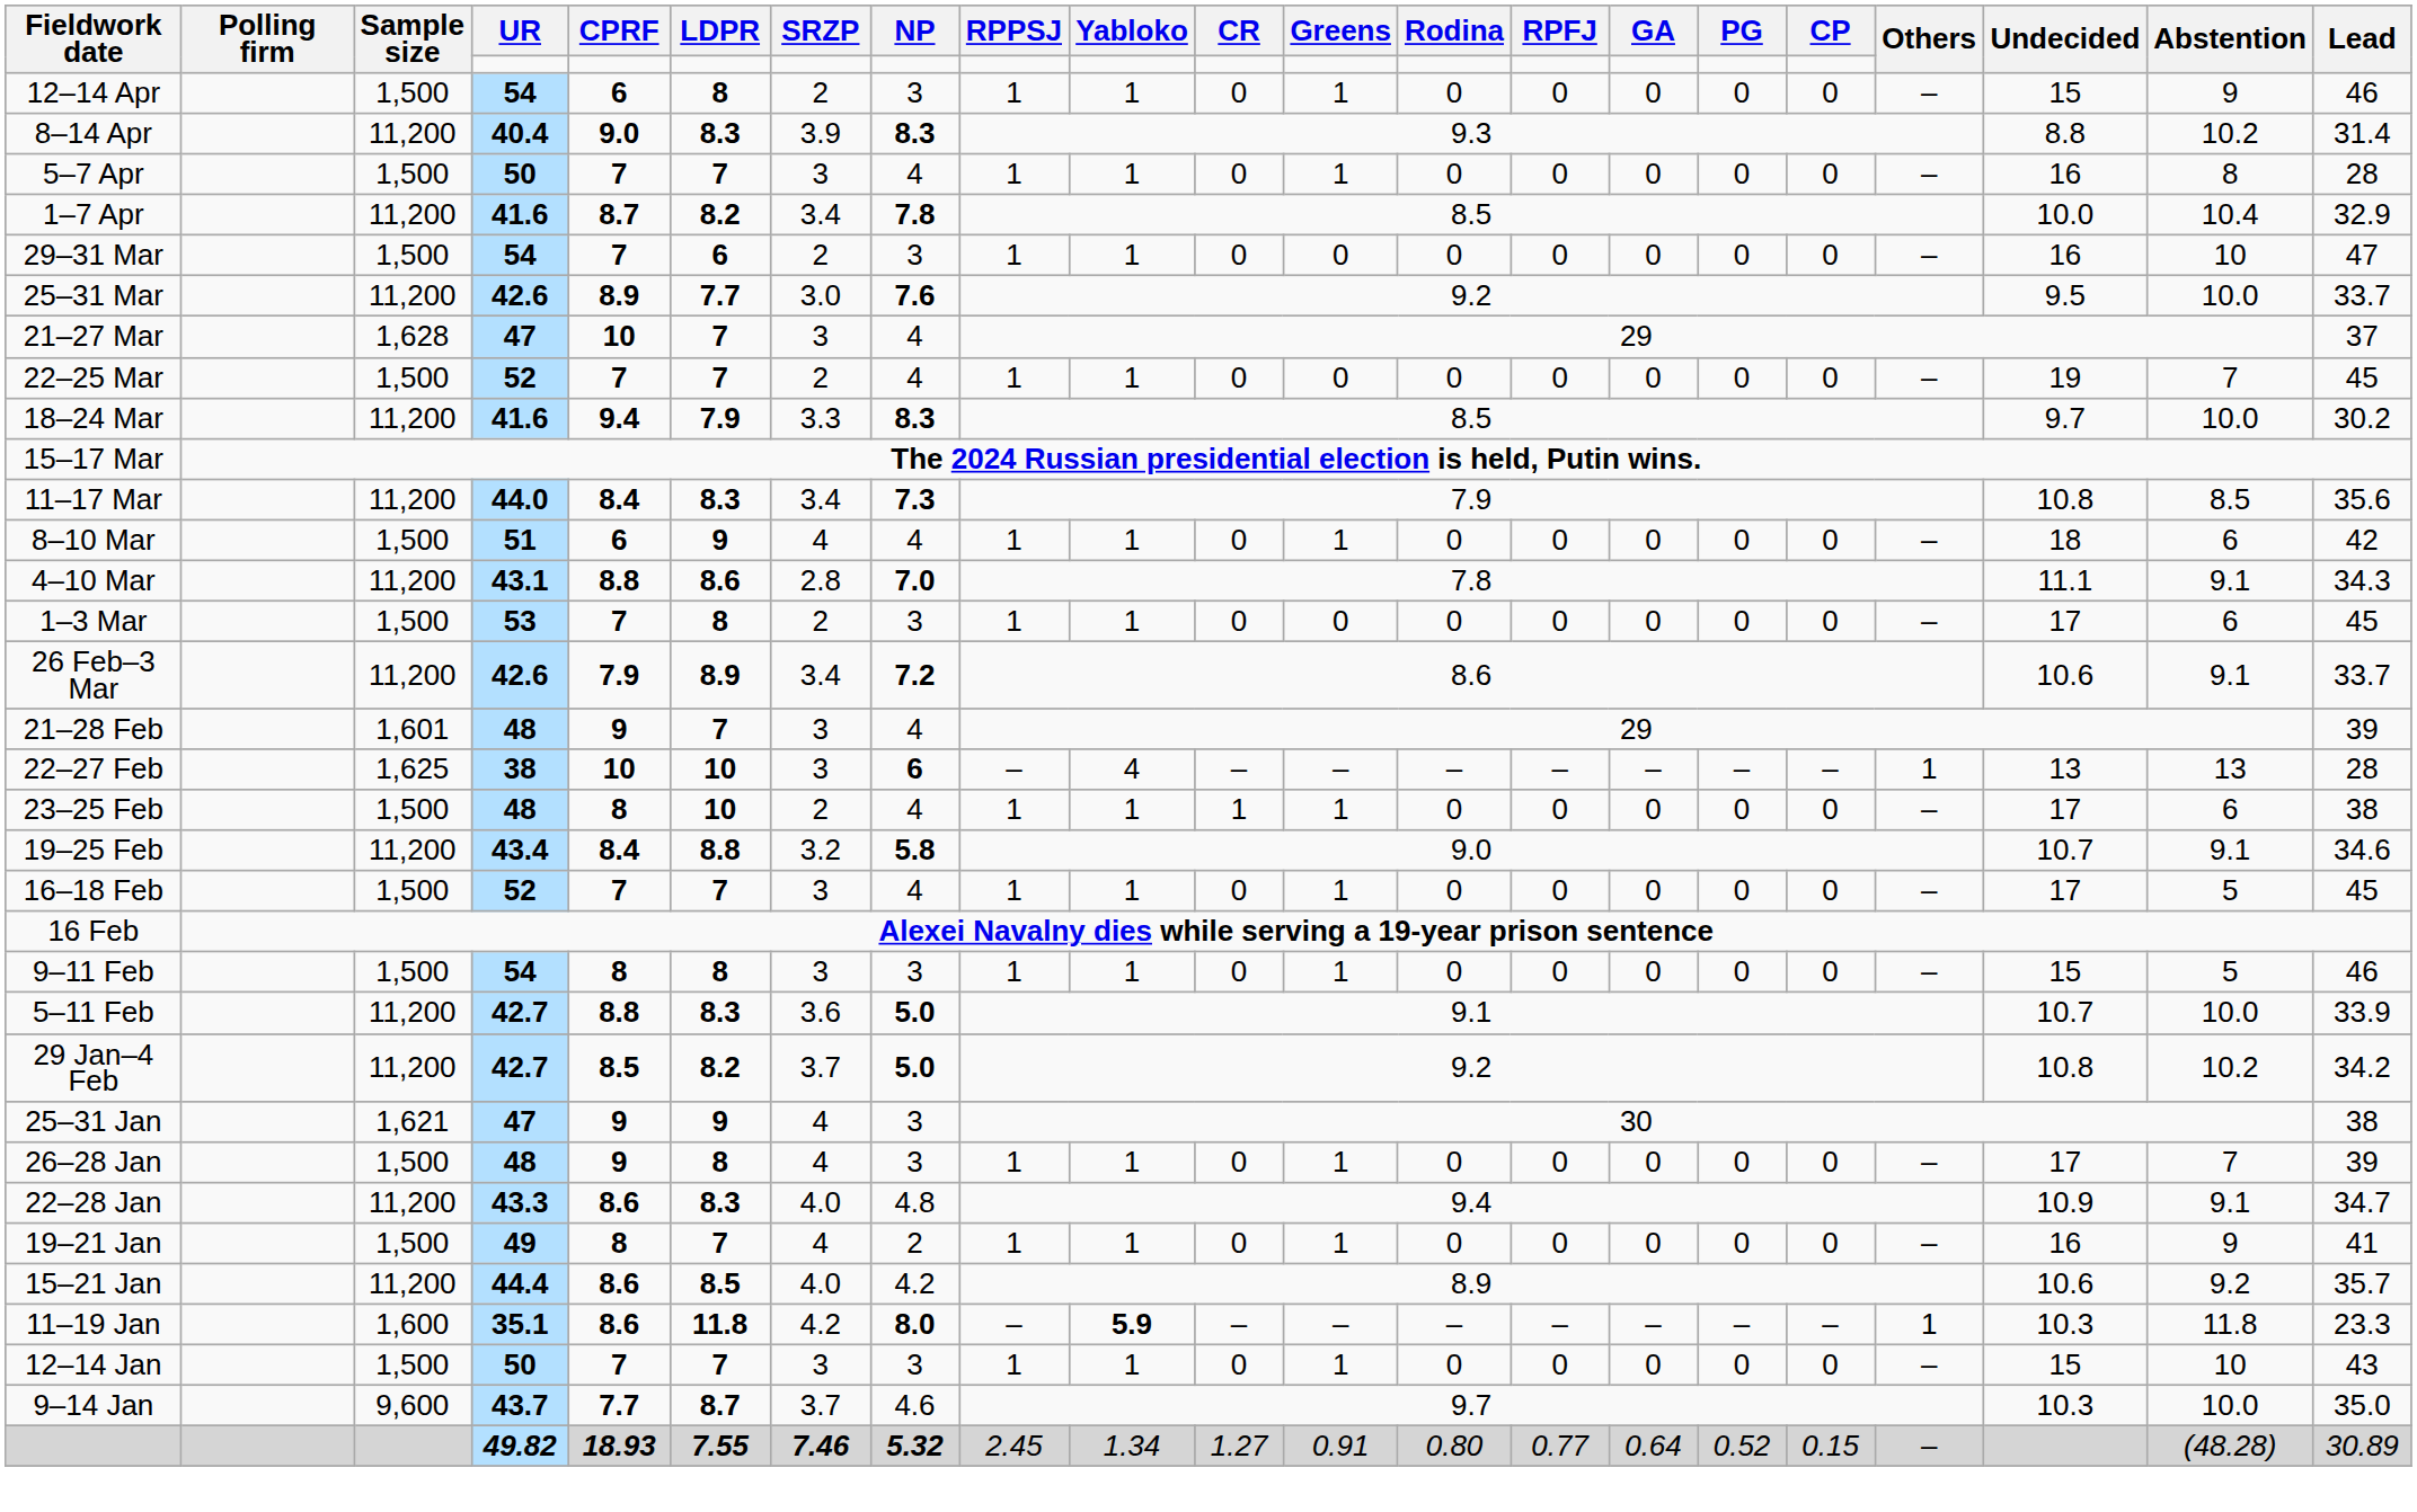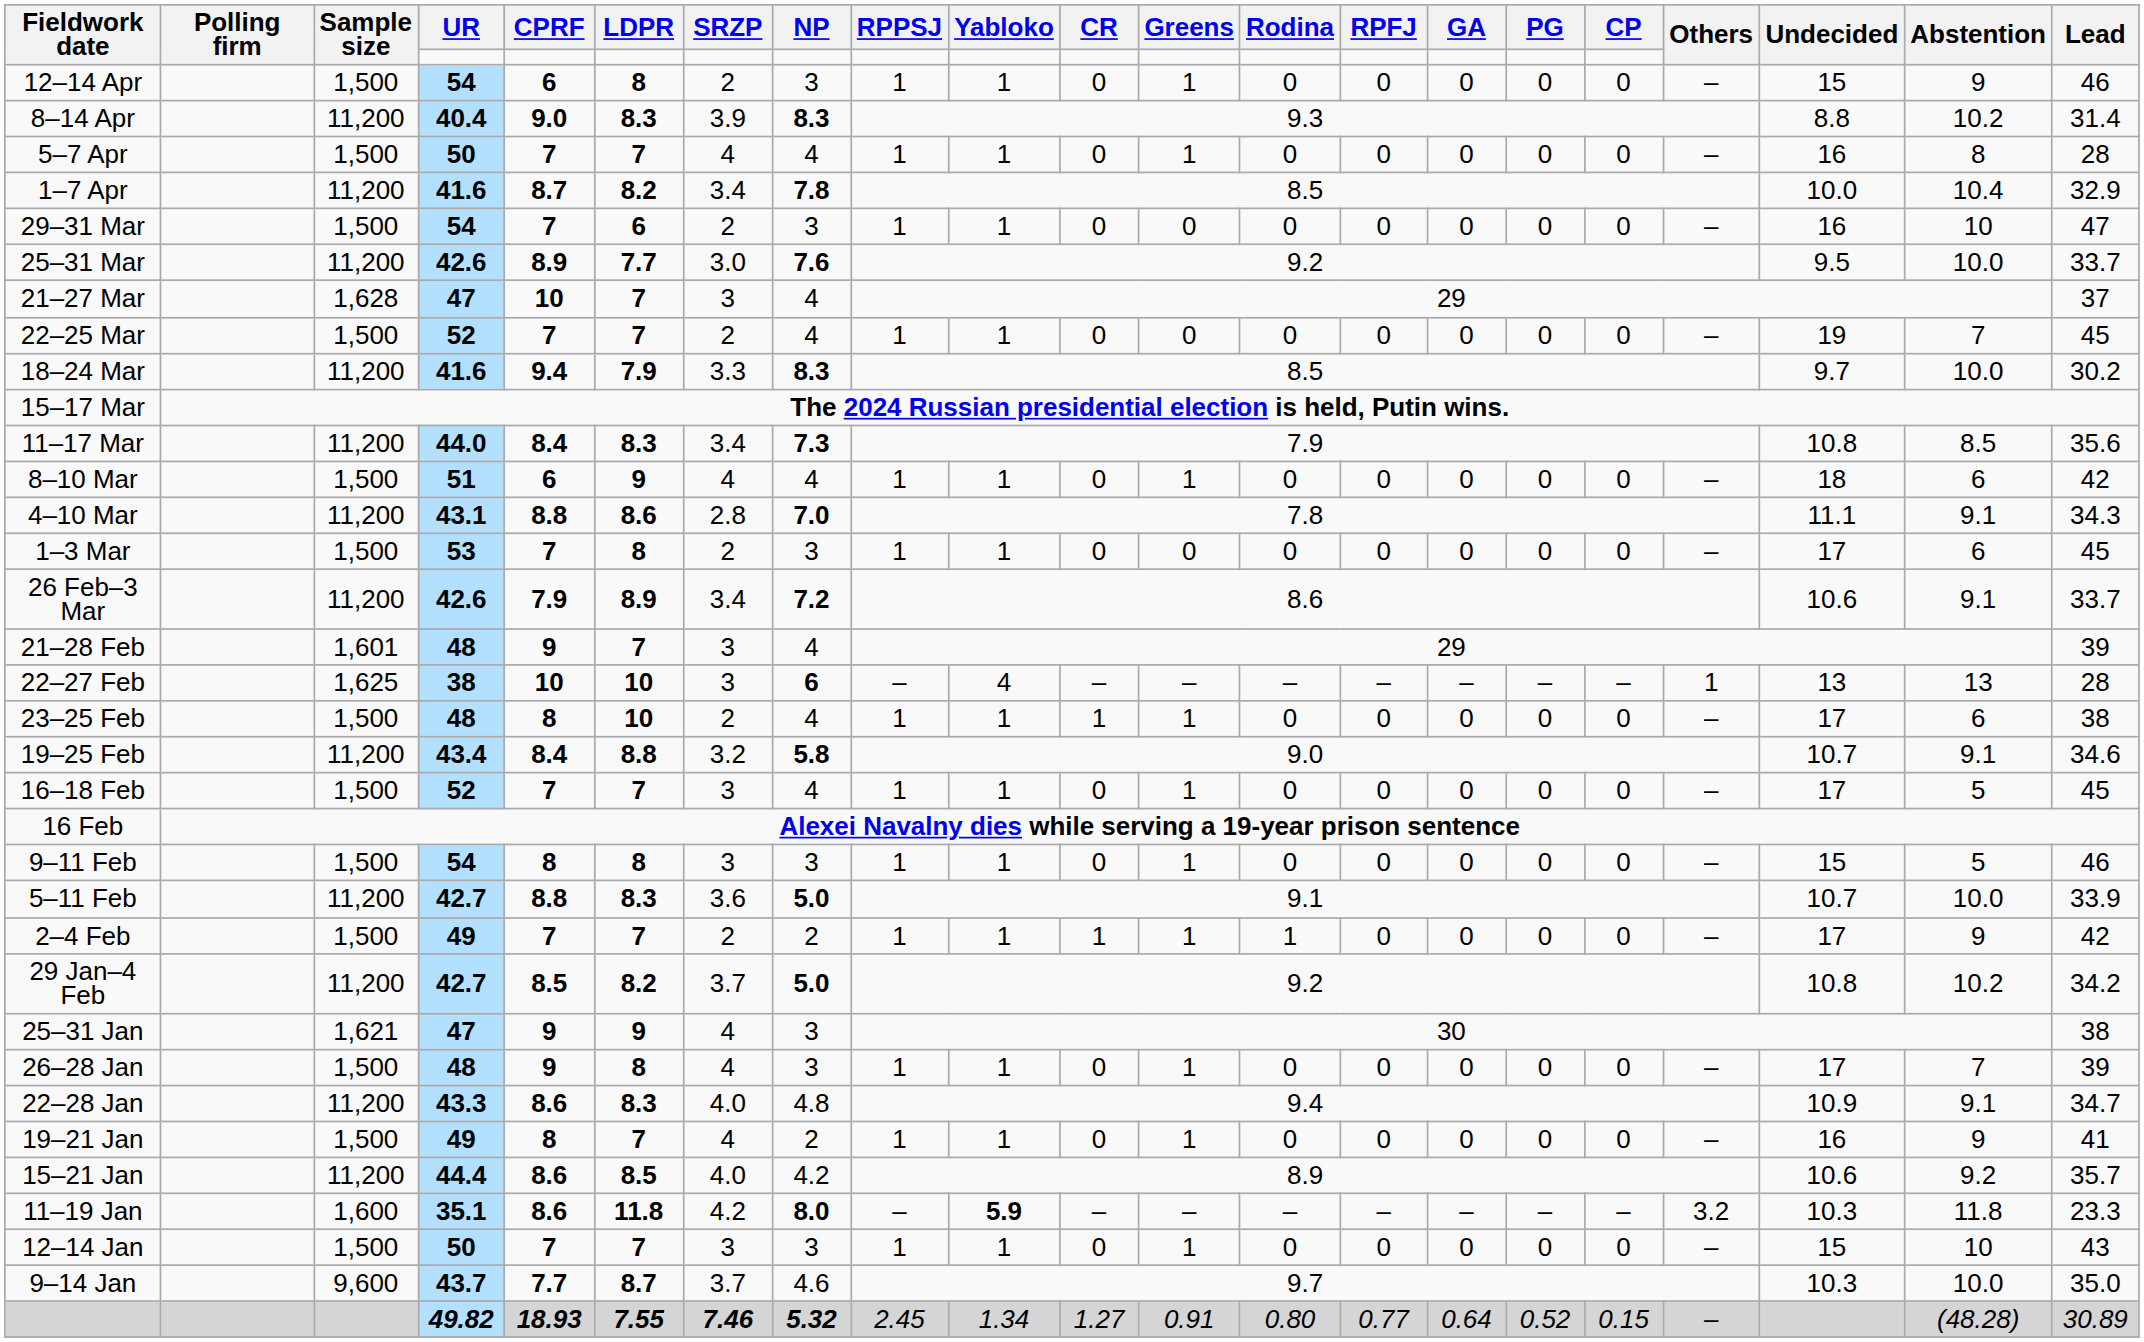 <table class=wikitable style="font-size:95%; line-height:14px; text-align:center">
 <tr>
 <th style=width:100px; rowspan=2>Fieldwork date</th>
 <th style=width:120px; rowspan=2>Polling firm</th>
 <th style=width:50px; rowspan=2>Sample<br>size</th>
 <th style="width:50px;"><a href='#'>UR</a></th>
 <th style="width:50px;"><a href='#'>CPRF</a></th>
 <th style="width:50px;"><a href='#'>LDPR</a></th>
 <th style="width:50px;"><a href='#'>SRZP</a></th>
 <th style="width:50px;"><a href='#'>NP</a></th>
 <th style="width:50px;"><a href='#'>RPPSJ</a></th>
 <th style="width:50px;"><a href='#'>Yabloko</a></th>
 <th style="width:50px;"><a href='#'>CR</a></th>
 <th style="width:50px;"><a href='#'>Greens</a></th>
 <th style="width:50px;"><a href='#'>Rodina</a></th>
 <th style="width:50px;"><a href='#'>RPFJ</a></th>
 <th style="width:50px;"><a href='#'>GA</a></th>
 <th style="width:50px;"><a href='#'>PG</a></th>
 <th style="width:50px;"><a href='#'>CP</a></th>
 <th style="width:50px;" rowspan=2>Others</th>
 <th style="width:50px;" rowspan=2>Undecided</th>
 <th style="width:50px;" rowspan=2>Abstention</th>
 <th style="width:50px;" rowspan="2">Lead</th>
 </tr>
 <tr>
 <td bgcolor=></td>
 <td bgcolor=></td>
 <td bgcolor=></td>
 <td bgcolor=></td>
 <td bgcolor=></td>
 <td bgcolor=></td>
 <td bgcolor=></td>
 <td bgcolor=></td>
 <td bgcolor=></td>
 <td bgcolor=></td>
 <td bgcolor=></td>
 <td bgcolor=></td>
 <td bgcolor=></td>
 <td bgcolor=></td>
 </tr>
 <tr>
 <td>12–14 Apr</td>
 <td></td>
 <td>1,500</td>
 <td style="background:#B3E0FF"><strong>54</strong></td>
 <td><strong>6</strong></td>
 <td><strong>8</strong></td>
 <td>2</td>
 <td>3</td>
 <td>1</td>
 <td>1</td>
 <td>0</td>
 <td>1</td>
 <td>0</td>
 <td>0</td>
 <td>0</td>
 <td>0</td>
 <td>0</td>
 <td>–</td>
 <td>15</td>
 <td>9</td>
 <td style="background:">46</td>
 </tr>
 <tr>
 <td>8–14 Apr</td>
 <td></td>
 <td>11,200</td>
 <td style="background:#B3E0FF"><strong>40.4</strong></td>
 <td><strong>9.0</strong></td>
 <td><strong>8.3</strong></td>
 <td>3.9</td>
 <td><strong>8.3</strong></td>
 <td colspan=10>9.3</td>
 <td>8.8</td>
 <td>10.2</td>
 <td style="background:">31.4</td>
 </tr>
 <tr>
 <td>5–7 Apr</td>
 <td></td>
 <td>1,500</td>
 <td style="background:#B3E0FF"><strong>50</strong></td>
 <td><strong>7</strong></td>
 <td><strong>7</strong></td>
-<td>3</td>
+<td>4</td>
 <td>4</td>
 <td>1</td>
 <td>1</td>
 <td>0</td>
 <td>1</td>
 <td>0</td>
 <td>0</td>
 <td>0</td>
 <td>0</td>
 <td>0</td>
 <td>–</td>
 <td>16</td>
 <td>8</td>
 <td style="background:">28</td>
 </tr>
 <tr>
 <td>1–7 Apr</td>
 <td></td>
 <td>11,200</td>
 <td style="background:#B3E0FF"><strong>41.6</strong></td>
 <td><strong>8.7</strong></td>
 <td><strong>8.2</strong></td>
 <td>3.4</td>
 <td><strong>7.8</strong></td>
 <td colspan=10>8.5</td>
 <td>10.0</td>
 <td>10.4</td>
 <td style="background:">32.9</td>
 </tr>
 <tr>
 <td>29–31 Mar</td>
 <td></td>
 <td>1,500</td>
 <td style="background:#B3E0FF"><strong>54</strong></td>
 <td><strong>7</strong></td>
 <td><strong>6</strong></td>
 <td>2</td>
 <td>3</td>
 <td>1</td>
 <td>1</td>
 <td>0</td>
 <td>0</td>
 <td>0</td>
 <td>0</td>
 <td>0</td>
 <td>0</td>
 <td>0</td>
 <td>–</td>
 <td>16</td>
 <td>10</td>
 <td style="background:">47</td>
 </tr>
 <tr>
 <td>25–31 Mar</td>
 <td></td>
 <td>11,200</td>
 <td style="background:#B3E0FF"><strong>42.6</strong></td>
 <td><strong>8.9</strong></td>
 <td><strong>7.7</strong></td>
 <td>3.0</td>
 <td><strong>7.6</strong></td>
 <td colspan=10>9.2</td>
 <td>9.5</td>
 <td>10.0</td>
 <td style="background:">33.7</td>
 </tr>
 <tr>
 <td>21–27 Mar</td>
 <td></td>
 <td>1,628</td>
 <td style="background:#B3E0FF"><strong>47</strong></td>
 <td><strong>10</strong></td>
 <td><strong>7</strong></td>
 <td>3</td>
 <td>4</td>
 <td colspan=12>29</td>
 <td style="background:">37</td>
 </tr>
 <tr>
 <td>22–25 Mar</td>
 <td></td>
 <td>1,500</td>
 <td style="background:#B3E0FF"><strong>52</strong></td>
 <td><strong>7</strong></td>
 <td><strong>7</strong></td>
 <td>2</td>
 <td>4</td>
 <td>1</td>
 <td>1</td>
 <td>0</td>
 <td>0</td>
 <td>0</td>
 <td>0</td>
 <td>0</td>
 <td>0</td>
 <td>0</td>
 <td>–</td>
 <td>19</td>
 <td>7</td>
 <td style="background:">45</td>
 </tr>
 <tr>
 <td>18–24 Mar</td>
 <td></td>
 <td>11,200</td>
 <td style="background:#B3E0FF"><strong>41.6</strong></td>
 <td><strong>9.4</strong></td>
 <td><strong>7.9</strong></td>
 <td>3.3</td>
 <td><strong>8.3</strong></td>
 <td colspan=10>8.5</td>
 <td>9.7</td>
 <td>10.0</td>
 <td style="background:">30.2</td>
 </tr>
 <tr>
 <td>15–17 Mar</td>
 <td colspan=20><strong>The <a href='#'>2024 Russian presidential election</a> is held, Putin wins.</strong></td>
 </tr>
 <tr>
 <td>11–17 Mar</td>
 <td></td>
 <td>11,200</td>
 <td style="background:#B3E0FF"><strong>44.0</strong></td>
 <td><strong>8.4</strong></td>
 <td><strong>8.3</strong></td>
 <td>3.4</td>
 <td><strong>7.3</strong></td>
 <td colspan=10>7.9</td>
 <td>10.8</td>
 <td>8.5</td>
 <td style="background:">35.6</td>
 </tr>
 <tr>
 <td>8–10 Mar</td>
 <td></td>
 <td>1,500</td>
 <td style="background:#B3E0FF"><strong>51</strong></td>
 <td><strong>6</strong></td>
 <td><strong>9</strong></td>
 <td>4</td>
 <td>4</td>
 <td>1</td>
 <td>1</td>
 <td>0</td>
 <td>1</td>
 <td>0</td>
 <td>0</td>
 <td>0</td>
 <td>0</td>
 <td>0</td>
 <td>–</td>
 <td>18</td>
 <td>6</td>
 <td style="background:">42</td>
 </tr>
 <tr>
 <td>4–10 Mar</td>
 <td></td>
 <td>11,200</td>
 <td style="background:#B3E0FF"><strong>43.1</strong></td>
 <td><strong>8.8</strong></td>
 <td><strong>8.6</strong></td>
 <td>2.8</td>
 <td><strong>7.0</strong></td>
 <td colspan=10>7.8</td>
 <td>11.1</td>
 <td>9.1</td>
 <td style="background:">34.3</td>
 </tr>
 <tr>
 <td>1–3 Mar</td>
 <td></td>
 <td>1,500</td>
 <td style="background:#B3E0FF"><strong>53</strong></td>
 <td><strong>7</strong></td>
 <td><strong>8</strong></td>
 <td>2</td>
 <td>3</td>
 <td>1</td>
 <td>1</td>
 <td>0</td>
 <td>0</td>
 <td>0</td>
 <td>0</td>
 <td>0</td>
 <td>0</td>
 <td>0</td>
 <td>–</td>
 <td>17</td>
 <td>6</td>
 <td style="background:">45</td>
 </tr>
 <tr>
 <td>26 Feb–3 Mar</td>
 <td></td>
 <td>11,200</td>
 <td style="background:#B3E0FF"><strong>42.6</strong></td>
 <td><strong>7.9</strong></td>
 <td><strong>8.9</strong></td>
 <td>3.4</td>
 <td><strong>7.2</strong></td>
 <td colspan=10>8.6</td>
 <td>10.6</td>
 <td>9.1</td>
 <td style="background:">33.7</td>
 </tr>
 <tr>
 <td>21–28 Feb</td>
 <td></td>
 <td>1,601</td>
 <td style="background:#B3E0FF"><strong>48</strong></td>
 <td><strong>9</strong></td>
 <td><strong>7</strong></td>
 <td>3</td>
 <td>4</td>
 <td colspan=12>29</td>
 <td style="background:">39</td>
 </tr>
 <tr>
 <td>22–27 Feb</td>
 <td></td>
 <td>1,625</td>
 <td style="background:#B3E0FF"><strong>38</strong></td>
 <td><strong>10</strong></td>
 <td><strong>10</strong></td>
 <td>3</td>
 <td><strong>6</strong></td>
 <td>–</td>
 <td>4</td>
 <td>–</td>
 <td>–</td>
 <td>–</td>
 <td>–</td>
 <td>–</td>
 <td>–</td>
 <td>–</td>
 <td>1</td>
 <td>13</td>
 <td>13</td>
 <td style="background:">28</td>
 </tr>
 <tr>
 <td>23–25 Feb</td>
 <td></td>
 <td>1,500</td>
 <td style="background:#B3E0FF"><strong>48</strong></td>
 <td><strong>8</strong></td>
 <td><strong>10</strong></td>
 <td>2</td>
 <td>4</td>
 <td>1</td>
 <td>1</td>
 <td>1</td>
 <td>1</td>
 <td>0</td>
 <td>0</td>
 <td>0</td>
 <td>0</td>
 <td>0</td>
 <td>–</td>
 <td>17</td>
 <td>6</td>
 <td style="background:">38</td>
 </tr>
 <tr>
 <td>19–25 Feb</td>
 <td></td>
 <td>11,200</td>
 <td style="background:#B3E0FF"><strong>43.4</strong></td>
 <td><strong>8.4</strong></td>
 <td><strong>8.8</strong></td>
 <td>3.2</td>
 <td><strong>5.8</strong></td>
 <td colspan=10>9.0</td>
 <td>10.7</td>
 <td>9.1</td>
 <td style="background:">34.6</td>
 </tr>
 <tr>
 <td>16–18 Feb</td>
 <td></td>
 <td>1,500</td>
 <td style="background:#B3E0FF"><strong>52</strong></td>
 <td><strong>7</strong></td>
 <td><strong>7</strong></td>
 <td>3</td>
 <td>4</td>
 <td>1</td>
 <td>1</td>
 <td>0</td>
 <td>1</td>
 <td>0</td>
 <td>0</td>
 <td>0</td>
 <td>0</td>
 <td>0</td>
 <td>–</td>
 <td>17</td>
 <td>5</td>
 <td style="background:">45</td>
 </tr>
 <tr>
 <td>16 Feb</td>
 <td colspan=20><strong><a href='#'>Alexei Navalny dies</a> while serving a 19-year prison sentence</strong></td>
 </tr>
 <tr>
 <td>9–11 Feb</td>
 <td></td>
 <td>1,500</td>
 <td style="background:#B3E0FF"><strong>54</strong></td>
 <td><strong>8</strong></td>
 <td><strong>8</strong></td>
 <td>3</td>
 <td>3</td>
 <td>1</td>
 <td>1</td>
 <td>0</td>
 <td>1</td>
 <td>0</td>
 <td>0</td>
 <td>0</td>
 <td>0</td>
 <td>0</td>
 <td>–</td>
 <td>15</td>
 <td>5</td>
 <td style="background:">46</td>
 </tr>
 <tr>
 <td>5–11 Feb</td>
 <td></td>
 <td>11,200</td>
 <td style="background:#B3E0FF"><strong>42.7</strong></td>
 <td><strong>8.8</strong></td>
 <td><strong>8.3</strong></td>
 <td>3.6</td>
 <td><strong>5.0</strong></td>
 <td colspan=10>9.1</td>
 <td>10.7</td>
 <td>10.0</td>
 <td style="background:">33.9</td>
 </tr>
 <tr>
+<td>2–4 Feb</td>
+<td></td>
+<td>1,500</td>
+<td style="background:#B3E0FF"><strong>49</strong></td>
+<td><strong>7</strong></td>
+<td><strong>7</strong></td>
+<td>2</td>
+<td>2</td>
+<td>1</td>
+<td>1</td>
+<td>1</td>
+<td>1</td>
+<td>1</td>
+<td>0</td>
+<td>0</td>
+<td>0</td>
+<td>0</td>
+<td>–</td>
+<td>17</td>
+<td>9</td>
+<td style="background:">42</td>
+</tr>
+<tr>
 <td>29 Jan–4 Feb</td>
 <td></td>
 <td>11,200</td>
 <td style="background:#B3E0FF"><strong>42.7</strong></td>
 <td><strong>8.5</strong></td>
 <td><strong>8.2</strong></td>
 <td>3.7</td>
 <td><strong>5.0</strong></td>
 <td colspan=10>9.2</td>
 <td>10.8</td>
 <td>10.2</td>
 <td style="background:">34.2</td>
 </tr>
 <tr>
 <td>25–31 Jan</td>
 <td></td>
 <td>1,621</td>
 <td style="background:#B3E0FF"><strong>47</strong></td>
 <td><strong>9</strong></td>
 <td><strong>9</strong></td>
 <td>4</td>
 <td>3</td>
 <td colspan=12>30</td>
 <td style="background:">38</td>
 </tr>
 <tr>
 <td>26–28 Jan</td>
 <td></td>
 <td>1,500</td>
 <td style="background:#B3E0FF"><strong>48</strong></td>
 <td><strong>9</strong></td>
 <td><strong>8</strong></td>
 <td>4</td>
 <td>3</td>
 <td>1</td>
 <td>1</td>
 <td>0</td>
 <td>1</td>
 <td>0</td>
 <td>0</td>
 <td>0</td>
 <td>0</td>
 <td>0</td>
 <td>–</td>
 <td>17</td>
 <td>7</td>
 <td style="background:">39</td>
 </tr>
 <tr>
 <td>22–28 Jan</td>
 <td></td>
 <td>11,200</td>
 <td style="background:#B3E0FF"><strong>43.3</strong></td>
 <td><strong>8.6</strong></td>
 <td><strong>8.3</strong></td>
 <td>4.0</td>
 <td>4.8</td>
 <td colspan=10>9.4</td>
 <td>10.9</td>
 <td>9.1</td>
 <td style="background:">34.7</td>
 </tr>
 <tr>
 <td>19–21 Jan</td>
 <td></td>
 <td>1,500</td>
 <td style="background:#B3E0FF"><strong>49</strong></td>
 <td><strong>8</strong></td>
 <td><strong>7</strong></td>
 <td>4</td>
 <td>2</td>
 <td>1</td>
 <td>1</td>
 <td>0</td>
 <td>1</td>
 <td>0</td>
 <td>0</td>
 <td>0</td>
 <td>0</td>
 <td>0</td>
 <td>–</td>
 <td>16</td>
 <td>9</td>
 <td style="background:">41</td>
 </tr>
 <tr>
 <td>15–21 Jan</td>
 <td></td>
 <td>11,200</td>
 <td style="background:#B3E0FF"><strong>44.4</strong></td>
 <td><strong>8.6</strong></td>
 <td><strong>8.5</strong></td>
 <td>4.0</td>
 <td>4.2</td>
 <td colspan=10>8.9</td>
 <td>10.6</td>
 <td>9.2</td>
 <td style="background:">35.7</td>
 </tr>
 <tr>
 <td>11–19 Jan</td>
 <td></td>
 <td>1,600</td>
 <td style="background:#B3E0FF"><strong>35.1</strong></td>
 <td><strong>8.6</strong></td>
 <td><strong>11.8</strong></td>
 <td>4.2</td>
 <td><strong>8.0</strong></td>
 <td>–</td>
 <td><strong>5.9</strong></td>
 <td>–</td>
 <td>–</td>
 <td>–</td>
 <td>–</td>
 <td>–</td>
 <td>–</td>
 <td>–</td>
-<td>1</td>
+<td>3.2</td>
 <td>10.3</td>
 <td>11.8</td>
 <td style="background:">23.3</td>
 </tr>
 <tr>
 <td>12–14 Jan</td>
 <td></td>
 <td>1,500</td>
 <td style="background:#B3E0FF"><strong>50</strong></td>
 <td><strong>7</strong></td>
 <td><strong>7</strong></td>
 <td>3</td>
 <td>3</td>
 <td>1</td>
 <td>1</td>
 <td>0</td>
 <td>1</td>
 <td>0</td>
 <td>0</td>
 <td>0</td>
 <td>0</td>
 <td>0</td>
 <td>–</td>
 <td>15</td>
 <td>10</td>
 <td style="background:">43</td>
 </tr>
 <tr>
 <td>9–14 Jan</td>
 <td></td>
 <td>9,600</td>
 <td style="background:#B3E0FF"><strong>43.7</strong></td>
 <td><strong>7.7</strong></td>
 <td><strong>8.7</strong></td>
 <td>3.7</td>
 <td>4.6</td>
 <td colspan=10>9.7</td>
 <td>10.3</td>
 <td>10.0</td>
 <td style="background:">35.0</td>
 </tr>
 <tr style="background:#D5D5D5">
 <td></td>
 <td></td>
 <td></td>
 <td style="background:#B3E0FF"><strong><em>49.82</em></strong></td>
 <td><strong><em>18.93</em></strong></td>
 <td><strong><em>7.55</em></strong></td>
 <td><strong><em>7.46</em></strong></td>
 <td><strong><em>5.32</em></strong></td>
 <td><em>2.45</em></td>
 <td><em>1.34</em></td>
 <td><em>1.27</em></td>
 <td><em>0.91</em></td>
 <td><em>0.80</em></td>
 <td><em>0.77</em></td>
 <td><em>0.64</em></td>
 <td><em>0.52</em></td>
 <td><em>0.15</em></td>
 <td>–</td>
 <td></td>
 <td><em>(48.28)</em></td>
 <td style="background:"><em>30.89</em></td>
 </tr>
 </table>
